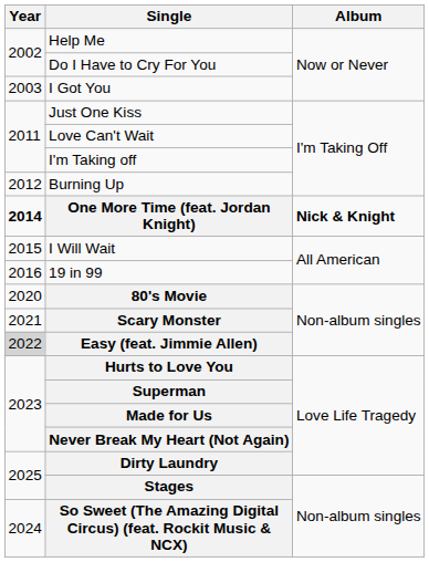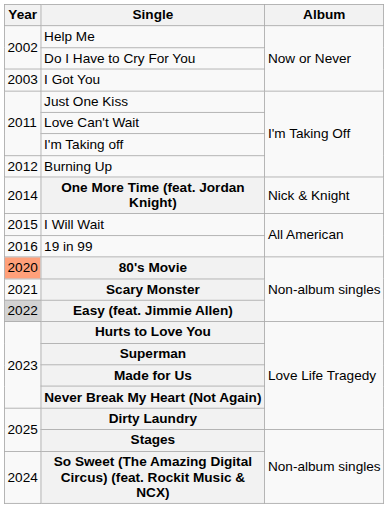 <table class="wikitable plainrowheaders">
 <tr>
 <th>Year</th>
 <th style="width:16em;">Single</th>
 <th>Album</th>
 </tr>
 <tr>
 <td rowspan=2>2002</td>
 <td align=left>Help Me</td>
 <td rowspan=3>Now or Never</td>
 </tr>
 <tr>
 <td align=left>Do I Have to Cry For You</td>
 </tr>
 <tr>
 <td>2003</td>
 <td align=left>I Got You</td>
 </tr>
 <tr>
 <td rowspan=3>2011</td>
 <td align=left>Just One Kiss</td>
 <td rowspan=4>I'm Taking Off</td>
 </tr>
 <tr>
 <td align=left>Love Can't Wait</td>
 </tr>
 <tr>
 <td align=left>I'm Taking off</td>
 </tr>
 <tr>
 <td>2012</td>
 <td align=left>Burning Up</td>
 </tr>
 <tr>
-<td><strong>2014</strong></td>
+<td>2014</td>
 <th scope="row">One More Time (feat. Jordan Knight)</th>
-<td><strong>Nick & Knight</strong></td>
+<td>Nick & Knight</td>
 </tr>
 <tr>
 <td>2015</td>
 <td align=left>I Will Wait</td>
 <td rowspan=2>All American</td>
 </tr>
 <tr>
 <td>2016</td>
 <td align=left>19 in 99</td>
 </tr>
 <tr>
-<td>2020</td>
+<td style="background: lightsalmon;">2020</td>
 <th scope="row">80's Movie</th>
 <td rowspan=3>Non-album singles</td>
 </tr>
 <tr>
 <td>2021</td>
 <th scope="row">Scary Monster</th>
 </tr>
 <tr>
 <td style="background: lightgrey;">2022</td>
 <th scope="row">Easy (feat. Jimmie Allen)</th>
 </tr>
 <tr>
 <td rowspan=4>2023</td>
 <th scope="row">Hurts to Love You</th>
 <td rowspan=5>Love Life Tragedy</td>
 </tr>
 <tr>
 <th scope="row">Superman</th>
 </tr>
 <tr>
 <th scope="row">Made for Us</th>
 </tr>
 <tr>
 <th scope="row">Never Break My Heart (Not Again)</th>
 </tr>
 <tr>
 <td rowspan=2>2025</td>
 <th scope="row">Dirty Laundry</th>
 </tr>
 <tr>
 <th scope="row">Stages</th>
 <td rowspan=2>Non-album singles</td>
 </tr>
 <tr>
 <td>2024</td>
 <th scope="row">So Sweet (The Amazing Digital Circus) (feat. Rockit Music & NCX)</th>
 </tr>
 </table>
